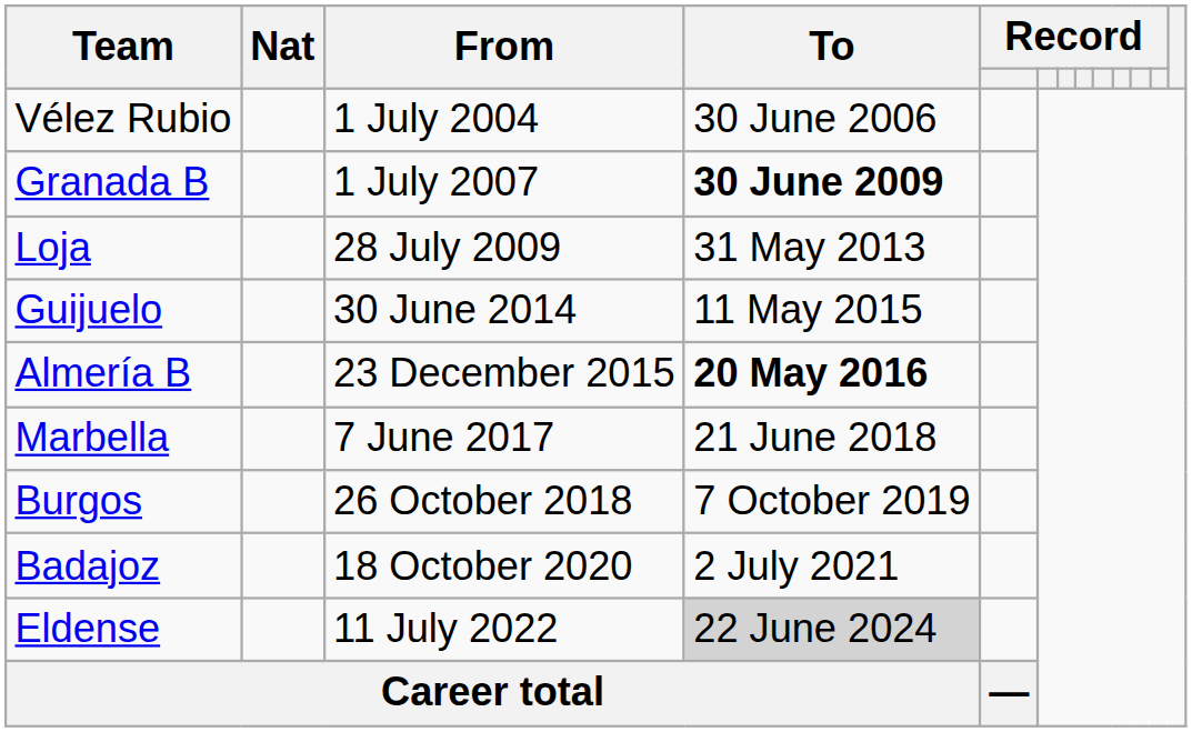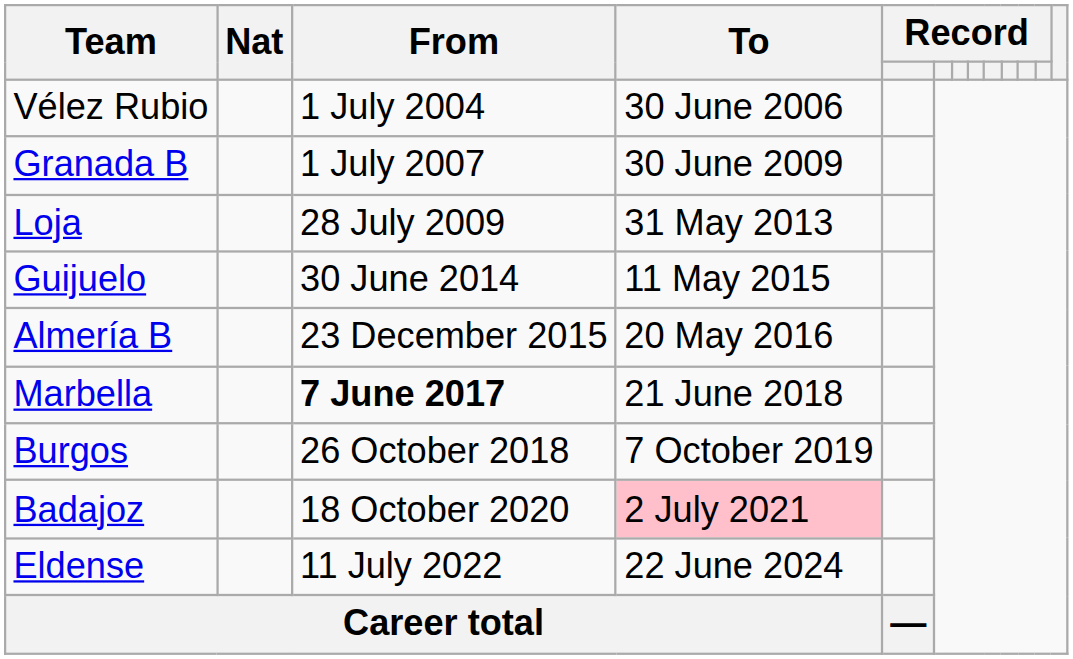 <table class="wikitable" style="text-align: center">
 <tr>
 <th rowspan="2">Team</th>
 <th rowspan="2">Nat</th>
 <th rowspan="2">From</th>
 <th rowspan="2">To</th>
 <th colspan="8">Record</th>
 <th rowspan=2></th>
 </tr>
 <tr>
 <th></th>
 <th></th>
 <th></th>
 <th></th>
 <th></th>
 <th></th>
 <th></th>
 <th></th>
 </tr>
 <tr>
 <td align="left">Vélez Rubio</td>
 <td></td>
 <td align=left>1 July 2004</td>
 <td align=left>30 June 2006<br></td>
 <td></td>
 </tr>
 <tr>
 <td align="left"><a href='#'>Granada B</a></td>
 <td></td>
 <td align=left>1 July 2007</td>
-<td align=left><strong>30 June 2009<br></strong></td>
+<td align=left>30 June 2009<br></td>
 <td></td>
 </tr>
 <tr>
 <td align="left"><a href='#'>Loja</a></td>
 <td></td>
 <td align=left>28 July 2009</td>
 <td align=left>31 May 2013<br></td>
 <td></td>
 </tr>
 <tr>
 <td align="left"><a href='#'>Guijuelo</a></td>
 <td></td>
 <td align=left>30 June 2014</td>
 <td align=left>11 May 2015<br></td>
 <td></td>
 </tr>
 <tr>
 <td align="left"><a href='#'>Almería B</a></td>
 <td></td>
 <td align=left>23 December 2015</td>
-<td align=left><strong>20 May 2016<br></strong></td>
+<td align=left>20 May 2016<br></td>
 <td></td>
 </tr>
 <tr>
 <td align="left"><a href='#'>Marbella</a></td>
 <td></td>
-<td align=left>7 June 2017</td>
+<td align=left><strong>7 June 2017</strong></td>
 <td align=left>21 June 2018<br></td>
 <td></td>
 </tr>
 <tr>
 <td align="left"><a href='#'>Burgos</a></td>
 <td></td>
 <td align=left>26 October 2018</td>
 <td align=left>7 October 2019<br></td>
 <td></td>
 </tr>
 <tr>
 <td align="left"><a href='#'>Badajoz</a></td>
 <td></td>
 <td align=left>18 October 2020</td>
-<td align=left>2 July 2021<br></td>
+<td align=left style="background: pink;">2 July 2021<br></td>
 <td></td>
 </tr>
 <tr>
 <td align="left"><a href='#'>Eldense</a></td>
 <td></td>
 <td align=left>11 July 2022</td>
-<td align=left style="background: lightgrey;">22 June 2024<br></td>
+<td align=left>22 June 2024<br></td>
 <td></td>
 </tr>
 <tr>
 <th colspan=4>Career total<br></th>
 <th>—</th>
 </tr>
 </table>
